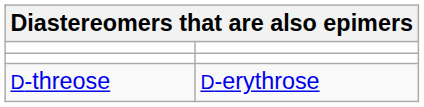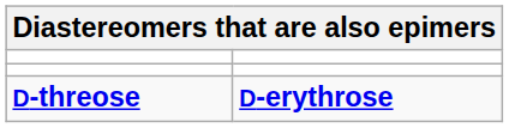 <table align="right" class="wikitable">
 <tr>
 <th colspan="2">Diastereomers that are also epimers</th>
 </tr>
 <tr>
 <td bgcolor="#FFFFFF"></td>
 <td bgcolor="#FFFFFF"></td>
 </tr>
 <tr>
 <td bgcolor="#FFFFFF"></td>
 <td bgcolor="#FFFFFF"></td>
 </tr>
 <tr>
-<td><a href='#'><small>D</small>-threose</a></td>
-<td><a href='#'><small>D</small>-erythrose</a></td>
+<td><strong><a href='#'><small>D</small>-threose</a></strong></td>
+<td><strong><a href='#'><small>D</small>-erythrose</a></strong></td>
 </tr>
 </table>
